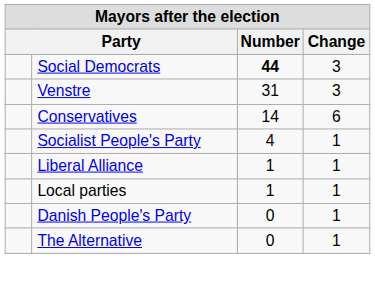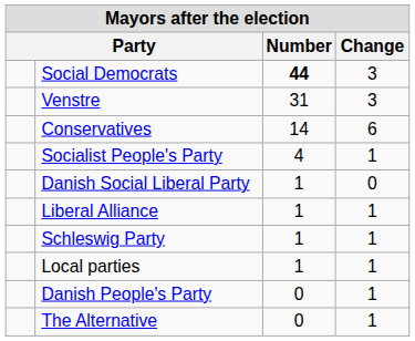 <table class="wikitable" style="margin-left:1em;">
 <tr>
 <td colspan="4" style="background:#dddddd; text-align:center;"><strong>Mayors after the election</strong></td>
 </tr>
 <tr>
 <th colspan="2">Party</th>
 <th style="width:60px;">Number</th>
 <th style="width:60px;">Change</th>
 </tr>
 <tr>
 <td style="background:"></td>
 <td style="padding-left:5px;"><a href='#'>Social Democrats</a></td>
 <td style="text-align:center;"><strong>44</strong></td>
 <td style="text-align:center;"> 3</td>
 </tr>
 <tr>
 <td style="width:20px; background:"></td>
 <td style="width:200px; padding-left:5px;"><a href='#'>Venstre</a></td>
 <td style="text-align:center;">31</td>
 <td style="text-align:center;"> 3</td>
 </tr>
 <tr>
 <td style="background:"></td>
 <td style="padding-left:5px;"><a href='#'>Conservatives</a></td>
 <td style="text-align:center;">14</td>
 <td style="text-align:center;"> 6</td>
 </tr>
 <tr>
 <td style="background:"></td>
 <td style="padding-left:5px;"><a href='#'>Socialist People's Party</a></td>
 <td style="text-align:center;">4</td>
 <td style="text-align:center;"> 1</td>
 </tr>
 <tr>
 <td style="background:"></td>
+<td style="padding-left:5px;"><a href='#'>Danish Social Liberal Party</a></td>
+<td style="text-align:center;">1</td>
+<td style="text-align:center;"> 0</td>
+</tr>
+<tr>
+<td style="background:"></td>
 <td style="padding-left:5px;"><a href='#'>Liberal Alliance</a></td>
+<td style="text-align:center;">1</td>
+<td style="text-align:center;"> 1</td>
+</tr>
+<tr>
+<td style="background:"></td>
+<td style="padding-left:5px;"><a href='#'>Schleswig Party</a></td>
 <td style="text-align:center;">1</td>
 <td style="text-align:center;"> 1</td>
 </tr>
 <tr>
 <td style="background:"></td>
 <td style="padding-left:5px;">Local parties</td>
 <td style="text-align:center;">1</td>
 <td style="text-align:center;"> 1</td>
 </tr>
 <tr>
 <td style="background:"></td>
 <td style="padding-left:5px;"><a href='#'>Danish People's Party</a></td>
 <td style="text-align:center;">0</td>
 <td style="text-align:center;"> 1</td>
 </tr>
 <tr>
 <td style="background:"></td>
 <td style="padding-left:5px;"><a href='#'>The Alternative</a></td>
 <td style="text-align:center;">0</td>
 <td style="text-align:center;"> 1</td>
 </tr>
 </table>
